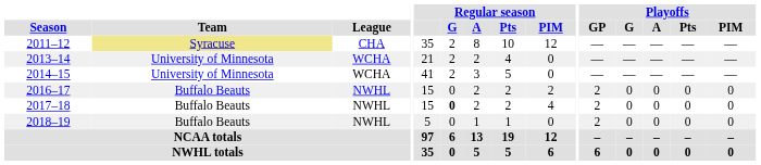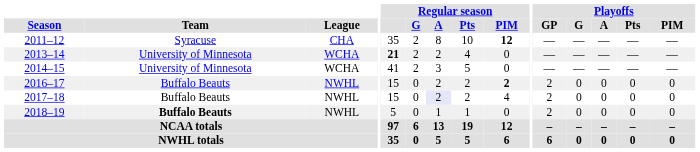 <table border="0" cellpadding="1" cellspacing="0" style="text-align:center; width:60em">
 <tr bgcolor="#e0e0e0">
 <th colspan="3" bgcolor="#ffffff"></th>
 <th rowspan="99" bgcolor="#ffffff"></th>
 <th colspan="5"><a href='#'>Regular season</a></th>
 <th rowspan="99" bgcolor="#ffffff"></th>
 <th colspan="5"><a href='#'>Playoffs</a></th>
 </tr>
 <tr bgcolor="#e0e0e0">
 <th><a href='#'>Season</a></th>
 <th>Team</th>
 <th>League</th>
 <th></th>
 <th><a href='#'>G</a></th>
 <th><a href='#'>A</a></th>
 <th><a href='#'>Pts</a></th>
 <th><a href='#'>PIM</a></th>
 <th>GP</th>
 <th>G</th>
 <th>A</th>
 <th>Pts</th>
 <th>PIM</th>
 </tr>
 <tr>
 <td><a href='#'>2011–12</a></td>
-<td style="background: khaki;"><a href='#'>Syracuse</a></td>
+<td><a href='#'>Syracuse</a></td>
 <td><a href='#'>CHA</a></td>
 <td>35</td>
 <td>2</td>
 <td>8</td>
 <td>10</td>
-<td>12</td>
+<td><strong>12</strong></td>
 <td>—</td>
 <td>—</td>
 <td>—</td>
 <td>—</td>
 <td>—</td>
 </tr>
 <tr bgcolor="f0f0f0">
 <td><a href='#'>2013–14</a></td>
 <td><a href='#'>University of Minnesota</a></td>
 <td><a href='#'>WCHA</a></td>
-<td>21</td>
+<td><strong>21</strong></td>
 <td>2</td>
 <td>2</td>
 <td>4</td>
 <td>0</td>
 <td>—</td>
 <td>—</td>
 <td>—</td>
 <td>—</td>
 <td>—</td>
 </tr>
 <tr>
 <td><a href='#'>2014–15</a></td>
 <td><a href='#'>University of Minnesota</a></td>
 <td>WCHA</td>
 <td>41</td>
 <td>2</td>
 <td>3</td>
 <td>5</td>
 <td>0</td>
 <td>—</td>
 <td>—</td>
 <td>—</td>
 <td>—</td>
 <td>—</td>
 </tr>
 <tr bgcolor="f0f0f0">
 <td><a href='#'>2016–17</a></td>
 <td><a href='#'>Buffalo Beauts</a></td>
 <td><a href='#'>NWHL</a></td>
 <td>15</td>
 <td>0</td>
 <td>2</td>
 <td>2</td>
-<td>2</td>
+<td><strong>2</strong></td>
 <td>2</td>
 <td>0</td>
 <td>0</td>
 <td>0</td>
 <td>0</td>
 </tr>
 <tr>
 <td><a href='#'>2017–18</a></td>
 <td>Buffalo Beauts</td>
 <td>NWHL</td>
 <td>15</td>
-<td><strong>0</strong></td>
-<td>2</td>
+<td>0</td>
+<td style="background: lavender;">2</td>
 <td>2</td>
 <td>4</td>
 <td>2</td>
 <td>0</td>
 <td>0</td>
 <td>0</td>
 <td>0</td>
 </tr>
 <tr bgcolor="f0f0f0">
 <td><a href='#'>2018–19</a></td>
-<td>Buffalo Beauts</td>
+<td><strong>Buffalo Beauts</strong></td>
 <td>NWHL</td>
 <td>5</td>
 <td>0</td>
 <td>1</td>
 <td>1</td>
 <td>0</td>
 <td>2</td>
 <td>0</td>
 <td>0</td>
 <td>0</td>
 <td>0</td>
 </tr>
 <tr bgcolor="#e0e0e0">
 <th colspan="3">NCAA totals</th>
 <th>97</th>
 <th>6</th>
 <th>13</th>
 <th>19</th>
 <th>12</th>
 <th>–</th>
 <th>–</th>
 <th>–</th>
 <th>–</th>
 <th>–</th>
 </tr>
 <tr bgcolor="#e0e0e0">
 <th colspan="3">NWHL totals</th>
 <th>35</th>
 <th>0</th>
 <th>5</th>
 <th>5</th>
 <th>6</th>
 <th>6</th>
 <th>0</th>
 <th>0</th>
 <th>0</th>
 <th>0</th>
 </tr>
 </table>
